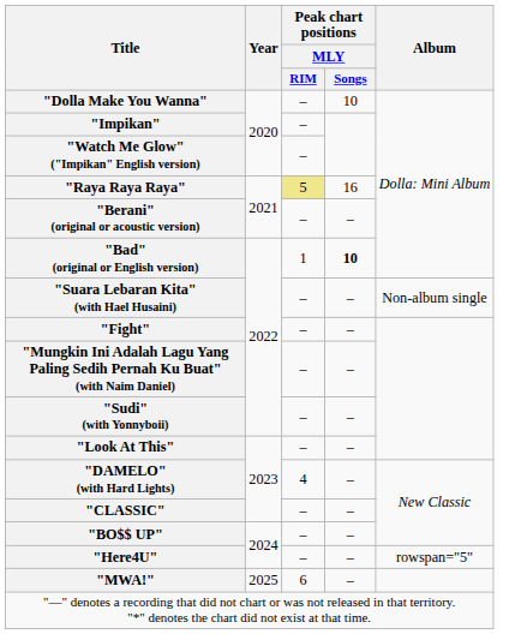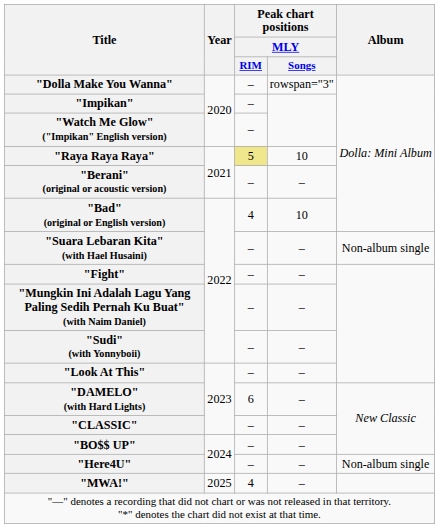 <table class="wikitable plainrowheaders" style="text-align:center;">
 <tr>
 <th rowspan="3" scope="col" style="width:16em;">Title</th>
 <th rowspan="3" scope="col" style="width:2em;">Year</th>
 <th colspan="2" scope="col" style="width:6em;">Peak chart positions</th>
 <th rowspan="3" scope="col">Album</th>
 </tr>
 <tr>
 <th colspan="2"><a href='#'>MLY</a></th>
 </tr>
 <tr>
 <th scope="col" style="width:2.5em;font-size:90%;"><a href='#'>RIM</a><br> </th>
 <th scope="col" style="font-size:90%; width:3em"><a href='#'>Songs</a><br></th>
 </tr>
 <tr>
 <th scope="row">"Dolla Make You Wanna"</th>
 <td rowspan="3">2020</td>
 <td>–</td>
-<td>10</td>
+<td>rowspan="3" </td>
 <td rowspan="6"><em>Dolla: Mini Album</em></td>
 </tr>
 <tr>
 <th scope="row">"Impikan"</th>
 <td>–</td>
 </tr>
 <tr>
 <th scope="row">"Watch Me Glow"<br><small>("Impikan" English version)</small></th>
 <td>–</td>
 </tr>
 <tr>
 <th scope="row">"Raya Raya Raya"</th>
 <td rowspan="2">2021</td>
 <td style="background: khaki;">5</td>
-<td>16</td>
+<td>10</td>
 </tr>
 <tr>
 <th scope="row">"Berani"<br><small>(original or acoustic version)</small></th>
 <td>–</td>
 <td>–</td>
 </tr>
 <tr>
 <th scope="row">"Bad"<br><small>(original or English version)</small></th>
 <td rowspan="5">2022</td>
-<td>1</td>
-<td><strong>10</strong></td>
+<td>4</td>
+<td>10</td>
 </tr>
 <tr>
 <th scope="row">"Suara Lebaran Kita"<br><small>(with Hael Husaini)</small></th>
 <td>–</td>
 <td>–</td>
 <td>Non-album single</td>
 </tr>
 <tr>
 <th scope="row">"Fight"</th>
 <td>–</td>
 <td>–</td>
 </tr>
 <tr>
 <th scope="row">"Mungkin Ini Adalah Lagu Yang Paling Sedih Pernah Ku Buat"<br><small>(with Naim Daniel)</small></th>
 <td>–</td>
 <td>–</td>
 </tr>
 <tr>
 <th scope="row">"Sudi"<br><small>(with Yonnyboii)</small></th>
 <td>–</td>
 <td>–</td>
 </tr>
 <tr>
 <th scope="row">"Look At This"</th>
 <td rowspan="3">2023</td>
 <td>–</td>
 <td>–</td>
 </tr>
 <tr>
 <th scope="row">"DAMELO"<br><small>(with Hard Lights)</small></th>
-<td>4</td>
+<td>6</td>
 <td>–</td>
 <td rowspan="3"><em>New Classic</em></td>
 </tr>
 <tr>
 <th scope="row">"CLASSIC"</th>
 <td>–</td>
 <td>–</td>
 </tr>
 <tr>
 <th scope="row">"BO$$ UP"</th>
 <td rowspan="2">2024</td>
 <td>–</td>
 <td>–</td>
 </tr>
 <tr>
 <th scope="row">"Here4U"</th>
 <td>–</td>
 <td>–</td>
-<td>rowspan="5"</td>
+<td>Non-album single</td>
 </tr>
 <tr>
 <th scope="row">"MWA!"</th>
 <td>2025</td>
-<td>6</td>
+<td>4</td>
 <td>–</td>
 </tr>
 <tr>
 <td colspan="5" style="font-size:90%">"—" denotes a recording that did not chart or was not released in that territory.<br>"*" denotes the chart did not exist at that time.</td>
 </tr>
 </table>
